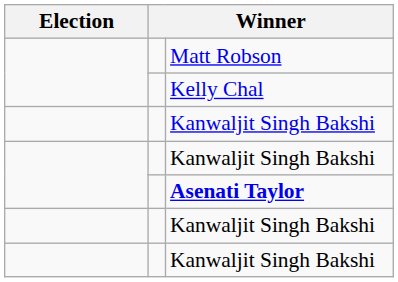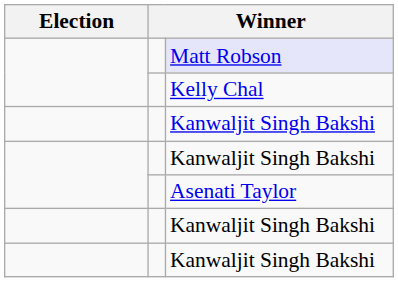 <table class=wikitable>
 <tr>
 <th width=100>Election</th>
 <th colspan=2 width=175>Winner</th>
 </tr>
 <tr>
 <td rowspan=2></td>
 <td width=5 bgcolor=></td>
-<td><a href='#'>Matt Robson</a></td>
+<td style="background: lavender;"><a href='#'>Matt Robson</a></td>
 </tr>
 <tr>
 <td bgcolor=></td>
 <td><a href='#'>Kelly Chal</a></td>
 </tr>
 <tr>
 <td></td>
 <td bgcolor=></td>
 <td><a href='#'>Kanwaljit Singh Bakshi</a></td>
 </tr>
 <tr>
 <td rowspan=2></td>
 <td bgcolor=></td>
 <td>Kanwaljit Singh Bakshi</td>
 </tr>
 <tr>
 <td bgcolor=></td>
-<td><strong><a href='#'>Asenati Taylor</a></strong></td>
+<td><a href='#'>Asenati Taylor</a></td>
 </tr>
 <tr>
 <td></td>
 <td bgcolor=></td>
 <td>Kanwaljit Singh Bakshi</td>
 </tr>
 <tr>
 <td></td>
 <td bgcolor=></td>
 <td>Kanwaljit Singh Bakshi</td>
 </tr>
 </table>
